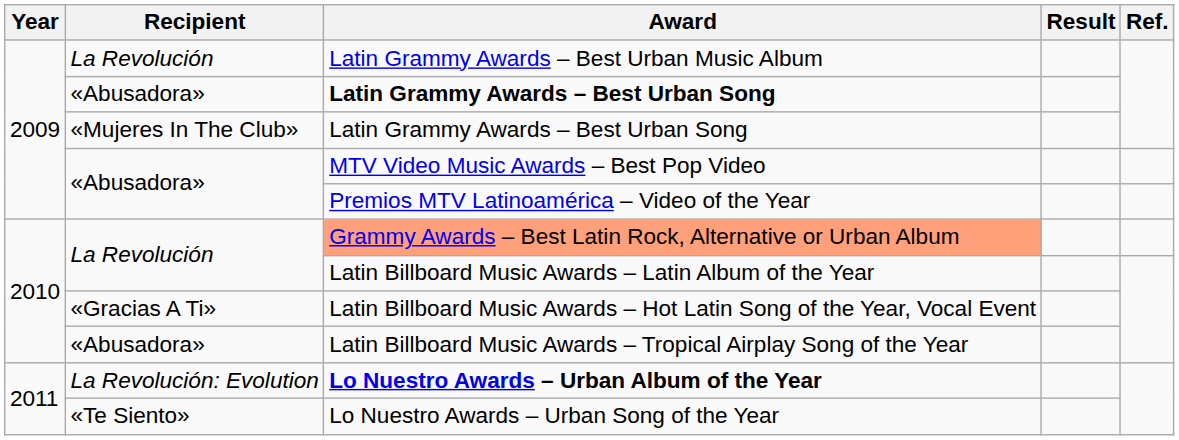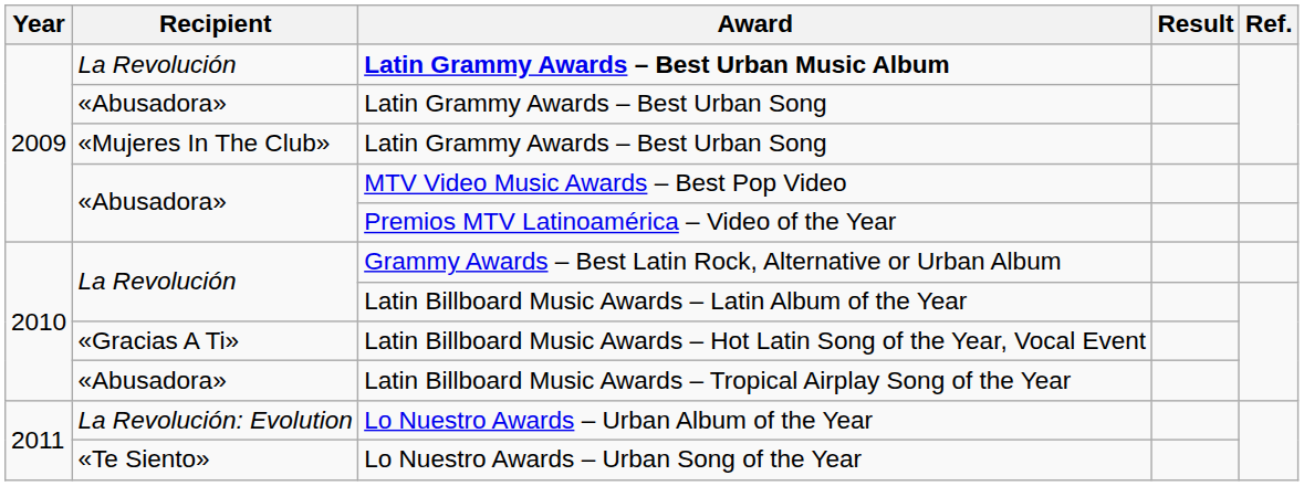 <table class="wikitable">
 <tr>
 <th align="center">Year</th>
 <th align="center">Recipient</th>
 <th align="center">Award</th>
 <th align="center">Result</th>
 <th align="center">Ref.</th>
 </tr>
 <tr>
 <td rowspan="5">2009</td>
 <td><em>La Revolución</em></td>
-<td><a href='#'>Latin Grammy Awards</a> – Best Urban Music Album</td>
+<td><strong><a href='#'>Latin Grammy Awards</a> – Best Urban Music Album</strong></td>
 <td></td>
 <td align="center" rowspan="3"></td>
 </tr>
 <tr>
 <td>«Abusadora»</td>
-<td><strong>Latin Grammy Awards – Best Urban Song</strong></td>
+<td>Latin Grammy Awards – Best Urban Song</td>
 <td></td>
 </tr>
 <tr>
 <td>«Mujeres In The Club»</td>
 <td>Latin Grammy Awards – Best Urban Song</td>
 <td></td>
 </tr>
 <tr>
 <td rowspan="2">«Abusadora»</td>
 <td><a href='#'>MTV Video Music Awards</a> – Best Pop Video</td>
 <td></td>
 <td align="center"></td>
 </tr>
 <tr>
 <td><a href='#'>Premios MTV Latinoamérica</a> – Video of the Year</td>
 <td></td>
 <td align="center"></td>
 </tr>
 <tr>
 <td rowspan="4">2010</td>
 <td rowspan="2"><em>La Revolución</em></td>
-<td style="background: lightsalmon;"><a href='#'>Grammy Awards</a> – Best Latin Rock, Alternative or Urban Album</td>
+<td><a href='#'>Grammy Awards</a> – Best Latin Rock, Alternative or Urban Album</td>
 <td></td>
 <td align="center"></td>
 </tr>
 <tr>
 <td>Latin Billboard Music Awards – Latin Album of the Year</td>
 <td></td>
 <td align="center" rowspan="3"></td>
 </tr>
 <tr>
 <td>«Gracias A Ti»</td>
 <td>Latin Billboard Music Awards – Hot Latin Song of the Year, Vocal Event</td>
 <td></td>
 </tr>
 <tr>
 <td>«Abusadora»</td>
 <td>Latin Billboard Music Awards – Tropical Airplay Song of the Year</td>
 <td></td>
 </tr>
 <tr>
 <td rowspan="2">2011</td>
 <td><em>La Revolución: Evolution</em></td>
-<td><strong><a href='#'>Lo Nuestro Awards</a> – Urban Album of the Year</strong></td>
+<td><a href='#'>Lo Nuestro Awards</a> – Urban Album of the Year</td>
 <td></td>
 <td align="center" rowspan="2"></td>
 </tr>
 <tr>
 <td>«Te Siento»</td>
 <td>Lo Nuestro Awards – Urban Song of the Year</td>
 <td></td>
 </tr>
 </table>
